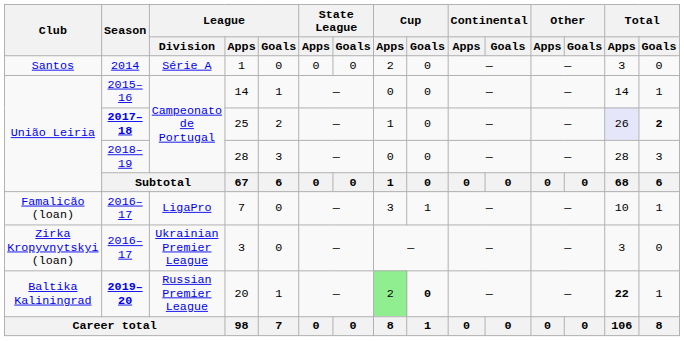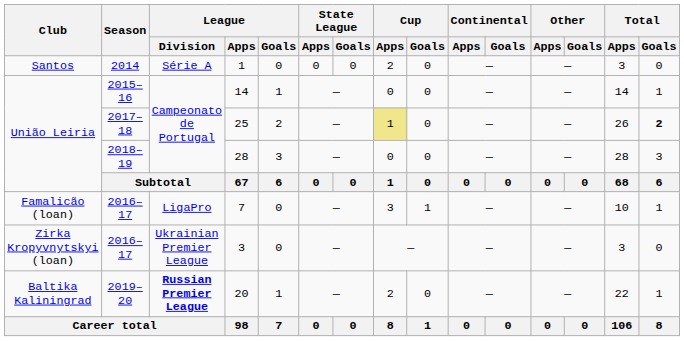 <table class="wikitable" style="text-align: center;">
 <tr>
 <th rowspan="2">Club</th>
 <th rowspan="2">Season</th>
 <th colspan="3">League</th>
 <th colspan="2">State League</th>
 <th colspan="2">Cup</th>
 <th colspan="2">Continental</th>
 <th colspan="2">Other</th>
 <th colspan="2">Total</th>
 </tr>
 <tr>
 <th>Division</th>
 <th>Apps</th>
 <th>Goals</th>
 <th>Apps</th>
 <th>Goals</th>
 <th>Apps</th>
 <th>Goals</th>
 <th>Apps</th>
 <th>Goals</th>
 <th>Apps</th>
 <th>Goals</th>
 <th>Apps</th>
 <th>Goals</th>
 </tr>
 <tr>
 <td valign="center"><a href='#'>Santos</a></td>
 <td><a href='#'>2014</a></td>
 <td><a href='#'>Série A</a></td>
 <td>1</td>
 <td>0</td>
 <td>0</td>
 <td>0</td>
 <td>2</td>
 <td>0</td>
 <td colspan="2">—</td>
 <td colspan="2">—</td>
 <td>3</td>
 <td>0</td>
 </tr>
 <tr>
 <td rowspan="4" valign="center"><a href='#'>União Leiria</a></td>
 <td><a href='#'>2015–16</a></td>
 <td rowspan="3"><a href='#'>Campeonato de Portugal</a></td>
 <td>14</td>
 <td>1</td>
 <td colspan="2">—</td>
 <td>0</td>
 <td>0</td>
 <td colspan="2">—</td>
 <td colspan="2">—</td>
 <td>14</td>
 <td>1</td>
 </tr>
 <tr>
-<td><strong><a href='#'>2017–18</a></strong></td>
+<td><a href='#'>2017–18</a></td>
 <td>25</td>
 <td>2</td>
 <td colspan="2">—</td>
-<td>1</td>
+<td style="background: khaki;">1</td>
 <td>0</td>
 <td colspan="2">—</td>
 <td colspan="2">—</td>
-<td style="background: lavender;">26</td>
+<td>26</td>
 <td><strong>2</strong></td>
 </tr>
 <tr>
 <td><a href='#'>2018–19</a></td>
 <td>28</td>
 <td>3</td>
 <td colspan="2">—</td>
 <td>0</td>
 <td>0</td>
 <td colspan="2">—</td>
 <td colspan="2">—</td>
 <td>28</td>
 <td>3</td>
 </tr>
 <tr>
 <th colspan="2">Subtotal</th>
 <th>67</th>
 <th>6</th>
 <th>0</th>
 <th>0</th>
 <th>1</th>
 <th>0</th>
 <th>0</th>
 <th>0</th>
 <th>0</th>
 <th>0</th>
 <th>68</th>
 <th>6</th>
 </tr>
 <tr>
 <td valign="center"><a href='#'>Famalicão</a> (loan)</td>
 <td><a href='#'>2016–17</a></td>
 <td><a href='#'>LigaPro</a></td>
 <td>7</td>
 <td>0</td>
 <td colspan="2">—</td>
 <td>3</td>
 <td>1</td>
 <td colspan="2">—</td>
 <td colspan="2">—</td>
 <td>10</td>
 <td>1</td>
 </tr>
 <tr>
 <td valign="center"><a href='#'>Zirka Kropyvnytskyi</a> (loan)</td>
 <td><a href='#'>2016–17</a></td>
 <td><a href='#'>Ukrainian Premier League</a></td>
 <td>3</td>
 <td>0</td>
 <td colspan="2">—</td>
 <td colspan="2">—</td>
 <td colspan="2">—</td>
 <td colspan="2">—</td>
 <td>3</td>
 <td>0</td>
 </tr>
 <tr>
 <td valign="center"><a href='#'>Baltika Kaliningrad</a></td>
-<td><strong><a href='#'>2019–20</a></strong></td>
-<td><a href='#'>Russian Premier League</a></td>
+<td><a href='#'>2019–20</a></td>
+<td><strong><a href='#'>Russian Premier League</a></strong></td>
 <td>20</td>
 <td>1</td>
 <td colspan="2">—</td>
-<td style="background: lightgreen;">2</td>
-<td><strong>0</strong></td>
+<td>2</td>
+<td>0</td>
 <td colspan="2">—</td>
 <td colspan="2">—</td>
-<td><strong>22</strong></td>
+<td>22</td>
 <td>1</td>
 </tr>
 <tr>
 <th colspan="3">Career total</th>
 <th>98</th>
 <th>7</th>
 <th>0</th>
 <th>0</th>
 <th>8</th>
 <th>1</th>
 <th>0</th>
 <th>0</th>
 <th>0</th>
 <th>0</th>
 <th>106</th>
 <th>8</th>
 </tr>
 </table>
